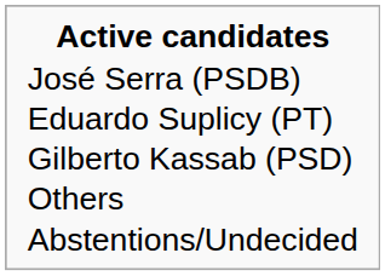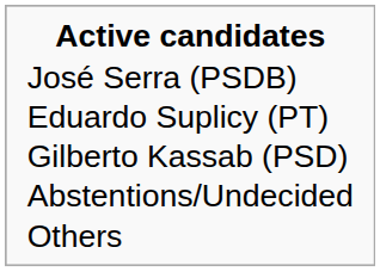 <table style="float; margin-left: 1em; margin-bottom: 0.5em" class="infobox">
 <tr>
 <td style="text-align: center"><span><strong>Active candidates</strong></span></td>
 </tr>
 <tr>
 <td style="padding: 0 5px;"> José Serra (PSDB)</td>
 </tr>
 <tr>
 <td style="padding: 0 5px;"> Eduardo Suplicy (PT)</td>
 </tr>
 <tr>
 <td style="padding: 0 5px;"> Gilberto Kassab (PSD)</td>
 </tr>
 <tr>
+<td style="padding: 0 5px;"> Abstentions/Undecided</td>
+</tr>
+<tr>
 <td style="padding: 0 5px;"> Others</td>
 </tr>
-<tr>
-<td style="padding: 0 5px;"> Abstentions/Undecided</td>
-</tr>
 </table>
